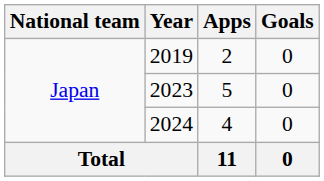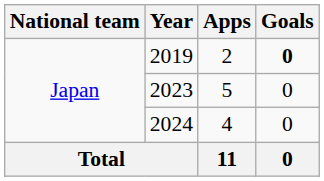 <table class="wikitable" style="text-align: center;">
 <tr>
 <th>National team</th>
 <th>Year</th>
 <th>Apps</th>
 <th>Goals</th>
 </tr>
 <tr>
 <td rowspan="3"><a href='#'>Japan</a></td>
 <td>2019</td>
 <td>2</td>
-<td>0</td>
+<td><strong>0</strong></td>
 </tr>
 <tr>
 <td>2023</td>
 <td>5</td>
 <td>0</td>
 </tr>
 <tr>
 <td>2024</td>
 <td>4</td>
 <td>0</td>
 </tr>
 <tr>
 <th colspan="2">Total</th>
 <th>11</th>
 <th>0</th>
 </tr>
 </table>
